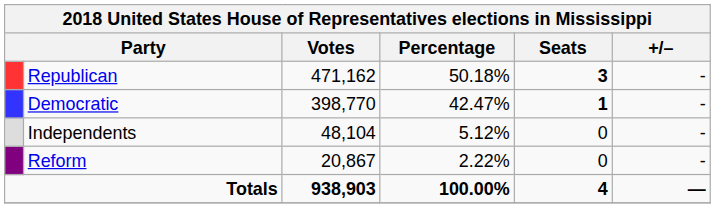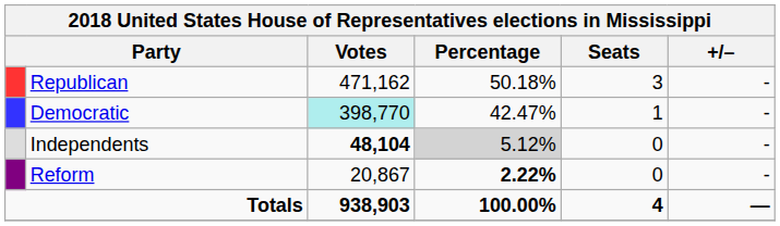 <table class="wikitable" style="font-size: 95%;">
 <tr>
 <th colspan="6">2018 United States House of Representatives elections in Mississippi</th>
 </tr>
 <tr>
 <th colspan=2 style="width: 15em">Party</th>
 <th style="width: 5em">Votes</th>
 <th style="width: 7em">Percentage</th>
 <th style="width: 5em">Seats</th>
 <th style="width: 5em">+/–</th>
 </tr>
 <tr>
 <th style="background-color:#FF3333; width: 3px"></th>
 <td style="width: 130px"><a href='#'>Republican</a></td>
 <td align="right">471,162</td>
 <td align="right">50.18%</td>
-<td align="right"><strong>3</strong></td>
+<td align="right">3</td>
 <td align="right">-</td>
 </tr>
 <tr>
 <th style="background-color:#3333FF; width: 3px"></th>
 <td style="width: 130px"><a href='#'>Democratic</a></td>
-<td align="right">398,770</td>
+<td align="right" style="background: paleturquoise;">398,770</td>
 <td align="right">42.47%</td>
-<td align="right"><strong>1</strong></td>
+<td align="right">1</td>
 <td align="right">-</td>
 </tr>
 <tr>
 <th style="background-color:#DDDDDD; width: 3px"></th>
 <td style="width: 130px">Independents</td>
-<td align="right">48,104</td>
-<td align="right">5.12%</td>
+<td align="right"><strong>48,104</strong></td>
+<td align="right" style="background: lightgrey;">5.12%</td>
 <td align="right">0</td>
 <td align="right">-</td>
 </tr>
 <tr>
 <th style="background-color:#800080; width: 3px"></th>
 <td style="width: 130px"><a href='#'>Reform</a></td>
 <td align="right">20,867</td>
-<td align="right">2.22%</td>
+<td align="right"><strong>2.22%</strong></td>
 <td align="right">0</td>
 <td align="right">-</td>
 </tr>
 <tr>
 <td colspan="2" align="right"><strong>Totals</strong></td>
 <td align="right"><strong>938,903</strong></td>
 <td align="right"><strong>100.00%</strong></td>
 <td align="right"><strong>4</strong></td>
 <td align="right"><strong>—</strong></td>
 </tr>
 <tr bgcolor="#EEEEEE">
 </tr>
 </table>
